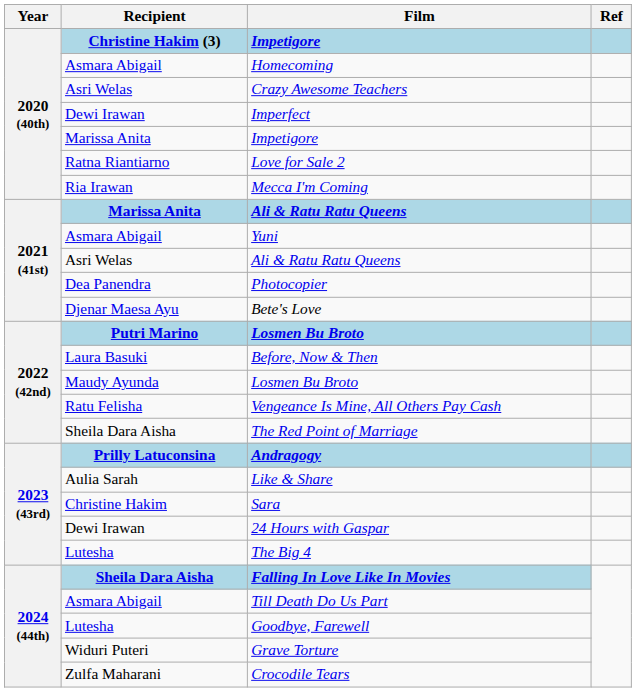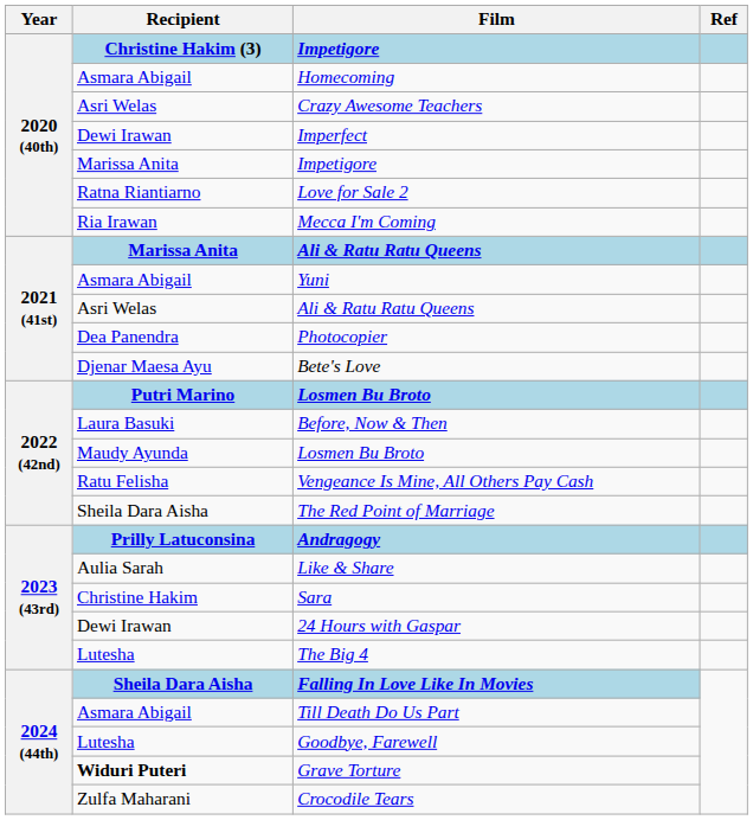 <table class="wikitable plainrowheaders sortable" style="width: 74%;">
 <tr>
 <th scope="col">Year</th>
 <th scope="col">Recipient</th>
 <th scope="col">Film</th>
 <th scope="col" class="unsortable">Ref</th>
 </tr>
 <tr>
 <th scope="row" rowspan="7" style="text-align:center;"><strong>2020</strong><br><small>(40th)</small></th>
 <th scope="row" style="background:lightblue;"><strong><a href='#'>Christine Hakim</a> (3)</strong></th>
 <td style="background:lightblue;"><strong><em><a href='#'>Impetigore</a></em></strong></td>
 <td style="background:lightblue;"></td>
 </tr>
 <tr>
 <td scope="row"><a href='#'>Asmara Abigail</a></td>
 <td><em><a href='#'>Homecoming</a></em></td>
 <td></td>
 </tr>
 <tr>
 <td scope="row"><a href='#'>Asri Welas</a></td>
 <td><em><a href='#'>Crazy Awesome Teachers</a></em></td>
 <td></td>
 </tr>
 <tr>
 <td scope="row"><a href='#'>Dewi Irawan</a></td>
 <td><em><a href='#'>Imperfect</a></em></td>
 <td></td>
 </tr>
 <tr>
 <td scope="row"><a href='#'>Marissa Anita</a></td>
 <td><em><a href='#'>Impetigore</a></em></td>
 <td></td>
 </tr>
 <tr>
 <td scope="row"><a href='#'>Ratna Riantiarno</a></td>
 <td><em><a href='#'>Love for Sale 2</a></em></td>
 <td></td>
 </tr>
 <tr>
 <td scope="row"><a href='#'>Ria Irawan</a></td>
 <td><em><a href='#'>Mecca I'm Coming</a></em></td>
 <td></td>
 </tr>
 <tr>
 <th scope="row" rowspan="5" style="text-align:center;"><strong>2021</strong><br><small>(41st)</small></th>
 <th scope="row" style="background:lightblue;"><strong><a href='#'>Marissa Anita</a></strong></th>
 <td style="background:lightblue;"><strong><em><a href='#'>Ali & Ratu Ratu Queens</a></em></strong></td>
 <td style="background:lightblue;"></td>
 </tr>
 <tr>
 <td scope="row"><a href='#'>Asmara Abigail</a></td>
 <td><em><a href='#'>Yuni</a></em></td>
 <td></td>
 </tr>
 <tr>
 <td scope="row">Asri Welas</td>
 <td><em><a href='#'>Ali & Ratu Ratu Queens</a></em></td>
 <td></td>
 </tr>
 <tr>
 <td scope="row"><a href='#'>Dea Panendra</a></td>
 <td><em><a href='#'>Photocopier</a></em></td>
 <td></td>
 </tr>
 <tr>
 <td scope="row"><a href='#'>Djenar Maesa Ayu</a></td>
 <td><em>Bete's Love</em></td>
 <td></td>
 </tr>
 <tr>
 <th scope="row" rowspan="5" style="text-align:center;"><strong>2022</strong><br><small>(42nd)</small></th>
 <th scope="row" style="background:lightblue;"><strong><a href='#'>Putri Marino</a></strong></th>
 <td style="background:lightblue;"><strong><em><a href='#'>Losmen Bu Broto</a></em></strong></td>
 <td style="background:lightblue;"></td>
 </tr>
 <tr>
 <td scope="row"><a href='#'>Laura Basuki</a></td>
 <td><em><a href='#'>Before, Now & Then</a></em></td>
 <td></td>
 </tr>
 <tr>
 <td scope="row"><a href='#'>Maudy Ayunda</a></td>
 <td><em><a href='#'>Losmen Bu Broto</a></em></td>
 <td></td>
 </tr>
 <tr>
 <td scope="row"><a href='#'>Ratu Felisha</a></td>
 <td><em><a href='#'>Vengeance Is Mine, All Others Pay Cash</a></em></td>
 <td></td>
 </tr>
 <tr>
 <td scope="row">Sheila Dara Aisha</td>
 <td><em><a href='#'>The Red Point of Marriage</a></em></td>
 <td></td>
 </tr>
 <tr>
 <th scope="row" rowspan="5" style="text-align:center;"><strong><a href='#'>2023</a></strong><br><small>(43rd)</small></th>
 <th scope="row" style="background:lightblue;"><strong><a href='#'>Prilly Latuconsina</a></strong></th>
 <td style="background:lightblue;"><strong><em><a href='#'>Andragogy</a></em></strong></td>
 <td style="background:lightblue;"></td>
 </tr>
 <tr>
 <td scope="row">Aulia Sarah</td>
 <td><em><a href='#'>Like & Share</a></em></td>
 <td></td>
 </tr>
 <tr>
 <td scope="row"><a href='#'>Christine Hakim</a></td>
 <td><em><a href='#'>Sara</a></em></td>
 <td></td>
 </tr>
 <tr>
 <td scope="row">Dewi Irawan</td>
 <td><em><a href='#'>24 Hours with Gaspar</a></em></td>
 <td></td>
 </tr>
 <tr>
 <td scope="row"><a href='#'>Lutesha</a></td>
 <td><em><a href='#'>The Big 4</a></em></td>
 <td></td>
 </tr>
 <tr>
 <th scope="row" rowspan="5" style="text-align:center;"><strong><a href='#'>2024</a></strong><br><small>(44th)</small></th>
 <th scope="row" style="background:lightblue;"><strong><a href='#'>Sheila Dara Aisha</a></strong></th>
 <td style="background:lightblue;"><strong><em><a href='#'>Falling In Love Like In Movies</a></em></strong></td>
 <td rowspan="5" align="center"></td>
 </tr>
 <tr>
 <td><a href='#'>Asmara Abigail</a></td>
 <td><em><a href='#'>Till Death Do Us Part</a></em></td>
 </tr>
 <tr>
 <td><a href='#'>Lutesha</a></td>
 <td><em><a href='#'>Goodbye, Farewell</a></em></td>
 </tr>
 <tr>
-<td>Widuri Puteri</td>
+<td><strong>Widuri Puteri</strong></td>
 <td><em><a href='#'>Grave Torture</a></em></td>
 </tr>
 <tr>
 <td>Zulfa Maharani</td>
 <td><em><a href='#'>Crocodile Tears</a></em></td>
 </tr>
 </table>
